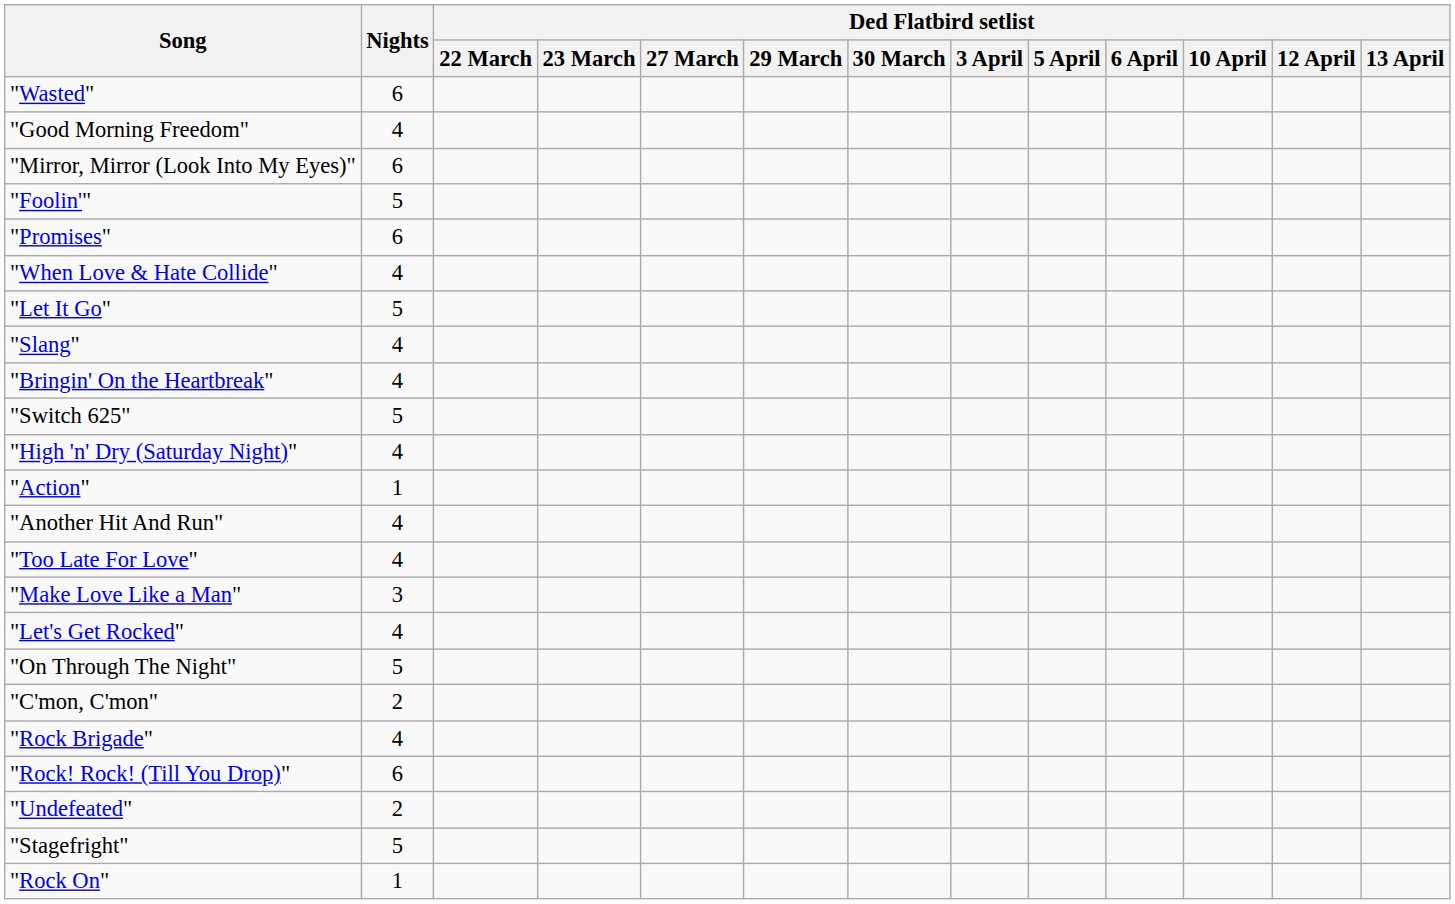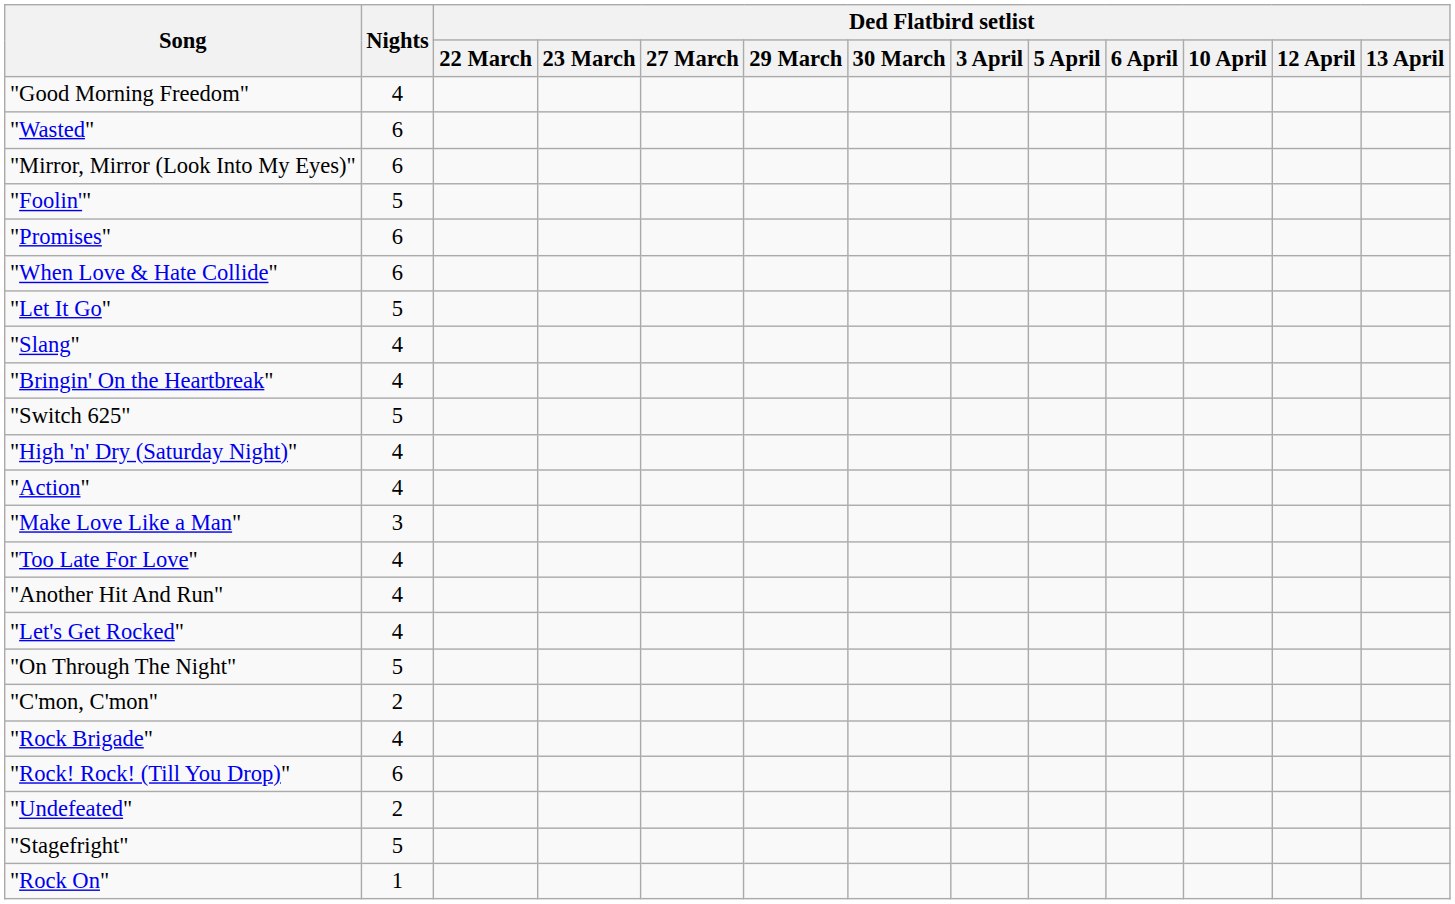 <table class="wikitable sortable" style="text-align:center;”">
 <tr>
 <th rowspan=2>Song</th>
 <th rowspan=2>Nights</th>
 <th colspan=11>Ded Flatbird setlist</th>
 </tr>
 <tr>
 <th data-sort-type="number">22 March</th>
 <th data-sort-type="number">23 March</th>
 <th data-sort-type="number">27 March</th>
 <th data-sort-type="number">29 March</th>
 <th data-sort-type="number">30 March</th>
 <th data-sort-type="number">3 April</th>
 <th data-sort-type="number">5 April</th>
 <th data-sort-type="number">6 April</th>
 <th data-sort-type="number">10 April</th>
 <th data-sort-type="number">12 April</th>
 <th data-sort-type="number">13 April</th>
 </tr>
 <tr>
-<td style="text-align:left;">"<a href='#'>Wasted</a>"</td>
-<td>6</td>
+<td style="text-align:left;">"Good Morning Freedom"</td>
+<td>4</td>
 <td></td>
 <td></td>
 <td></td>
 <td></td>
 <td></td>
 <td></td>
 <td></td>
 <td></td>
 <td></td>
 <td></td>
 <td></td>
 </tr>
 <tr>
-<td style="text-align:left;">"Good Morning Freedom"</td>
-<td>4</td>
+<td style="text-align:left;">"<a href='#'>Wasted</a>"</td>
+<td>6</td>
 <td></td>
 <td></td>
 <td></td>
 <td></td>
 <td></td>
 <td></td>
 <td></td>
 <td></td>
 <td></td>
 <td></td>
 <td></td>
 </tr>
 <tr>
 <td style="text-align:left;">"Mirror, Mirror (Look Into My Eyes)"</td>
 <td>6</td>
 <td></td>
 <td></td>
 <td></td>
 <td></td>
 <td></td>
 <td></td>
 <td></td>
 <td></td>
 <td></td>
 <td></td>
 <td></td>
 </tr>
 <tr>
 <td style="text-align:left;">"<a href='#'>Foolin'</a>"</td>
 <td>5</td>
 <td></td>
 <td></td>
 <td></td>
 <td></td>
 <td></td>
 <td></td>
 <td></td>
 <td></td>
 <td></td>
 <td></td>
 <td></td>
 </tr>
 <tr>
 <td style="text-align:left;">"<a href='#'>Promises</a>"</td>
 <td>6</td>
 <td></td>
 <td></td>
 <td></td>
 <td></td>
 <td></td>
 <td></td>
 <td></td>
 <td></td>
 <td></td>
 <td></td>
 <td></td>
 </tr>
 <tr>
 <td style="text-align:left;">"<a href='#'>When Love & Hate Collide</a>"</td>
-<td>4</td>
+<td>6</td>
 <td></td>
 <td></td>
 <td></td>
 <td></td>
 <td></td>
 <td></td>
 <td></td>
 <td></td>
 <td></td>
 <td></td>
 <td></td>
 </tr>
 <tr>
 <td style="text-align:left;">"<a href='#'>Let It Go</a>"</td>
 <td>5</td>
 <td></td>
 <td></td>
 <td></td>
 <td></td>
 <td></td>
 <td></td>
 <td></td>
 <td></td>
 <td></td>
 <td></td>
 <td></td>
 </tr>
 <tr>
 <td style="text-align:left;">"<a href='#'>Slang</a>"</td>
 <td>4</td>
 <td></td>
 <td></td>
 <td></td>
 <td></td>
 <td></td>
 <td></td>
 <td></td>
 <td></td>
 <td></td>
 <td></td>
 <td></td>
 </tr>
 <tr>
 <td style="text-align:left;">"<a href='#'>Bringin' On the Heartbreak</a>"</td>
 <td>4</td>
 <td></td>
 <td></td>
 <td></td>
 <td></td>
 <td></td>
 <td></td>
 <td></td>
 <td></td>
 <td></td>
 <td></td>
 <td></td>
 </tr>
 <tr>
 <td style="text-align:left;">"Switch 625"</td>
 <td>5</td>
 <td></td>
 <td></td>
 <td></td>
 <td></td>
 <td></td>
 <td></td>
 <td></td>
 <td></td>
 <td></td>
 <td></td>
 <td></td>
 </tr>
 <tr>
 <td style="text-align:left;">"<a href='#'>High 'n' Dry (Saturday Night)</a>"</td>
 <td>4</td>
 <td></td>
 <td></td>
 <td></td>
 <td></td>
 <td></td>
 <td></td>
 <td></td>
 <td></td>
 <td></td>
 <td></td>
 <td></td>
 </tr>
 <tr>
 <td style="text-align:left;">"<a href='#'>Action</a>"</td>
-<td>1</td>
+<td>4</td>
 <td></td>
 <td></td>
 <td></td>
 <td></td>
 <td></td>
 <td></td>
 <td></td>
 <td></td>
 <td></td>
 <td></td>
 <td></td>
 </tr>
 <tr>
-<td style="text-align:left;">"Another Hit And Run"</td>
-<td>4</td>
+<td style="text-align:left;">"<a href='#'>Make Love Like a Man</a>"</td>
+<td>3</td>
 <td></td>
 <td></td>
 <td></td>
 <td></td>
 <td></td>
 <td></td>
 <td></td>
 <td></td>
 <td></td>
 <td></td>
 <td></td>
 </tr>
 <tr>
 <td style="text-align:left;">"<a href='#'>Too Late For Love</a>"</td>
 <td>4</td>
 <td></td>
 <td></td>
 <td></td>
 <td></td>
 <td></td>
 <td></td>
 <td></td>
 <td></td>
 <td></td>
 <td></td>
 <td></td>
 </tr>
 <tr>
-<td style="text-align:left;">"<a href='#'>Make Love Like a Man</a>"</td>
-<td>3</td>
+<td style="text-align:left;">"Another Hit And Run"</td>
+<td>4</td>
 <td></td>
 <td></td>
 <td></td>
 <td></td>
 <td></td>
 <td></td>
 <td></td>
 <td></td>
 <td></td>
 <td></td>
 <td></td>
 </tr>
 <tr>
 <td style="text-align:left;">"<a href='#'>Let's Get Rocked</a>"</td>
 <td>4</td>
 <td></td>
 <td></td>
 <td></td>
 <td></td>
 <td></td>
 <td></td>
 <td></td>
 <td></td>
 <td></td>
 <td></td>
 <td></td>
 </tr>
 <tr>
 <td style="text-align:left;">"On Through The Night"</td>
 <td>5</td>
 <td></td>
 <td></td>
 <td></td>
 <td></td>
 <td></td>
 <td></td>
 <td></td>
 <td></td>
 <td></td>
 <td></td>
 <td></td>
 </tr>
 <tr>
 <td style="text-align:left;">"C'mon, C'mon"</td>
 <td>2</td>
 <td></td>
 <td></td>
 <td></td>
 <td></td>
 <td></td>
 <td></td>
 <td></td>
 <td></td>
 <td></td>
 <td></td>
 <td></td>
 </tr>
 <tr>
 <td style="text-align:left;">"<a href='#'>Rock Brigade</a>"</td>
 <td>4</td>
 <td></td>
 <td></td>
 <td></td>
 <td></td>
 <td></td>
 <td></td>
 <td></td>
 <td></td>
 <td></td>
 <td></td>
 <td></td>
 </tr>
 <tr>
 <td style="text-align:left;">"<a href='#'>Rock! Rock! (Till You Drop)</a>"</td>
 <td>6</td>
 <td></td>
 <td></td>
 <td></td>
 <td></td>
 <td></td>
 <td></td>
 <td></td>
 <td></td>
 <td></td>
 <td></td>
 <td></td>
 </tr>
 <tr>
 <td style="text-align:left;">"<a href='#'>Undefeated</a>"</td>
 <td>2</td>
 <td></td>
 <td></td>
 <td></td>
 <td></td>
 <td></td>
 <td></td>
 <td></td>
 <td></td>
 <td></td>
 <td></td>
 <td></td>
 </tr>
 <tr>
 <td style="text-align:left;">"Stagefright"</td>
 <td>5</td>
 <td></td>
 <td></td>
 <td></td>
 <td></td>
 <td></td>
 <td></td>
 <td></td>
 <td></td>
 <td></td>
 <td></td>
 <td></td>
 </tr>
 <tr>
 <td style="text-align:left;">"<a href='#'>Rock On</a>"</td>
 <td>1</td>
 <td></td>
 <td></td>
 <td></td>
 <td></td>
 <td></td>
 <td></td>
 <td></td>
 <td></td>
 <td></td>
 <td></td>
 <td></td>
 </tr>
 </table>
